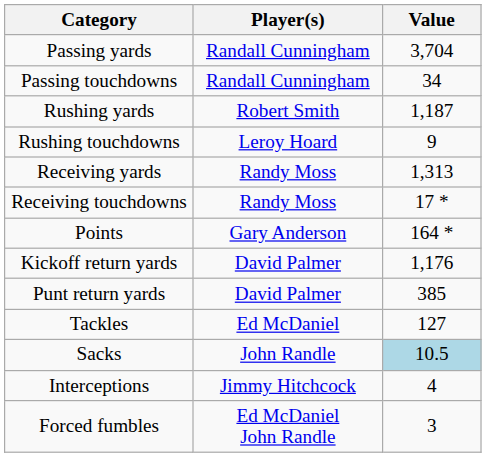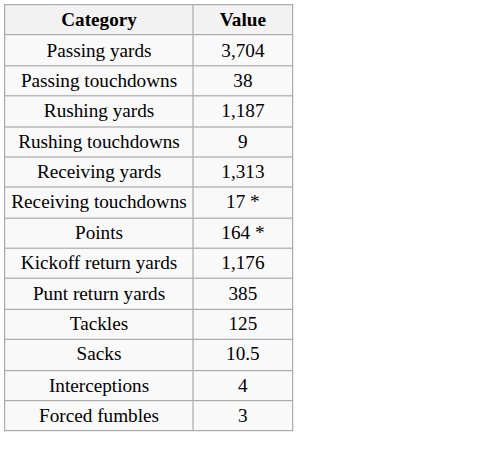 <table class="wikitable" style="text-align:center">
 <tr>
 <th width=150px>Category</th>
-<th width=150px>Player(s)</th>
 <th width=75px>Value</th>
 </tr>
 <tr>
 <td>Passing yards</td>
-<td><a href='#'>Randall Cunningham</a></td>
 <td>3,704</td>
 </tr>
 <tr>
 <td>Passing touchdowns</td>
-<td><a href='#'>Randall Cunningham</a></td>
-<td>34</td>
+<td>38</td>
 </tr>
 <tr>
 <td>Rushing yards</td>
-<td><a href='#'>Robert Smith</a></td>
 <td>1,187</td>
 </tr>
 <tr>
 <td>Rushing touchdowns</td>
-<td><a href='#'>Leroy Hoard</a></td>
 <td>9</td>
 </tr>
 <tr>
 <td>Receiving yards</td>
-<td><a href='#'>Randy Moss</a></td>
 <td>1,313</td>
 </tr>
 <tr>
 <td>Receiving touchdowns</td>
-<td><a href='#'>Randy Moss</a></td>
 <td>17 *</td>
 </tr>
 <tr>
 <td>Points</td>
-<td><a href='#'>Gary Anderson</a></td>
 <td>164 *</td>
 </tr>
 <tr>
 <td>Kickoff return yards</td>
-<td><a href='#'>David Palmer</a></td>
 <td>1,176</td>
 </tr>
 <tr>
 <td>Punt return yards</td>
-<td><a href='#'>David Palmer</a></td>
 <td>385</td>
 </tr>
 <tr>
 <td>Tackles</td>
-<td><a href='#'>Ed McDaniel</a></td>
-<td>127</td>
+<td>125</td>
 </tr>
 <tr>
 <td>Sacks</td>
-<td><a href='#'>John Randle</a></td>
-<td style="background: lightblue;">10.5</td>
+<td>10.5</td>
 </tr>
 <tr>
 <td>Interceptions</td>
-<td><a href='#'>Jimmy Hitchcock</a></td>
 <td>4</td>
 </tr>
 <tr>
 <td>Forced fumbles</td>
-<td><a href='#'>Ed McDaniel</a><br><a href='#'>John Randle</a></td>
 <td>3</td>
 </tr>
 </table>
